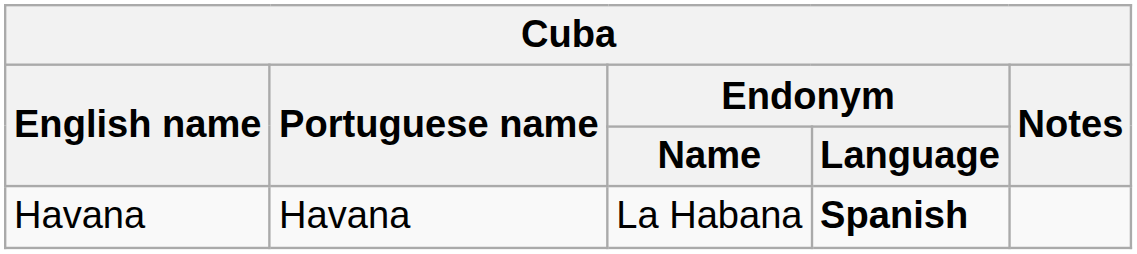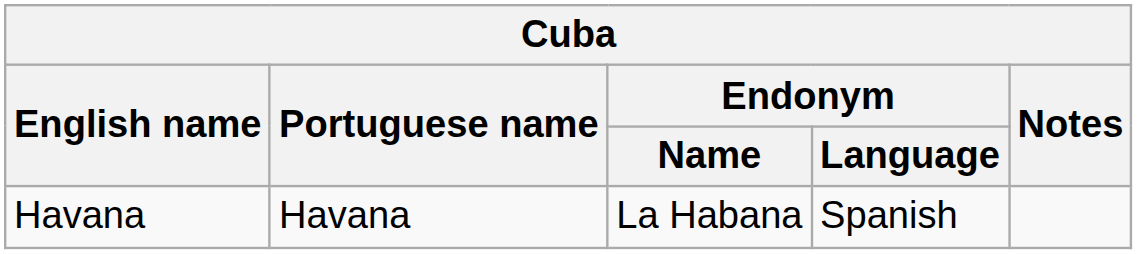 <table class="wikitable sortable">
 <tr>
 <th colspan="5"> Cuba</th>
 </tr>
 <tr>
 <th rowspan="2">English name</th>
 <th rowspan="2">Portuguese name</th>
 <th colspan="2">Endonym</th>
 <th rowspan="2">Notes</th>
 </tr>
 <tr>
 <th>Name</th>
 <th>Language</th>
 </tr>
 <tr>
 <td>Havana</td>
 <td>Havana</td>
 <td>La Habana</td>
-<td><strong>Spanish</strong></td>
+<td>Spanish</td>
 <td></td>
 </tr>
 </table>
